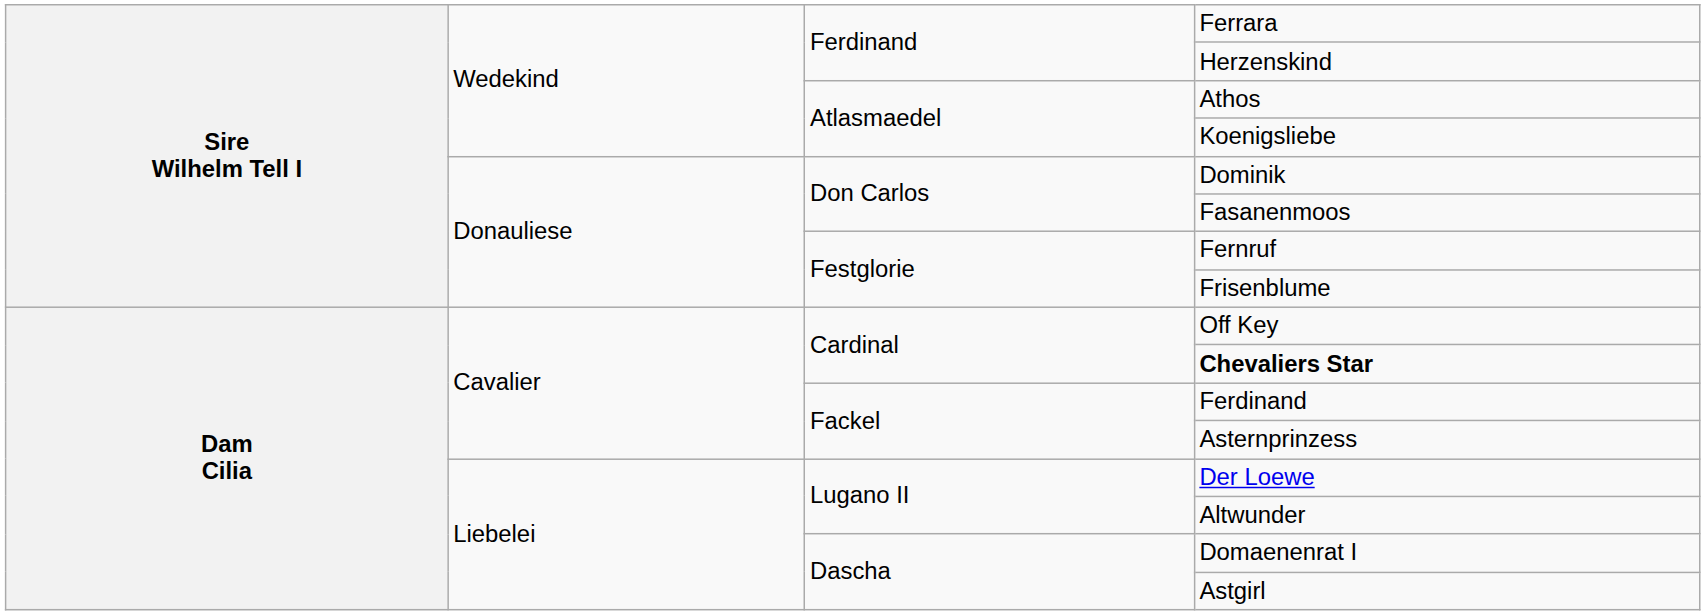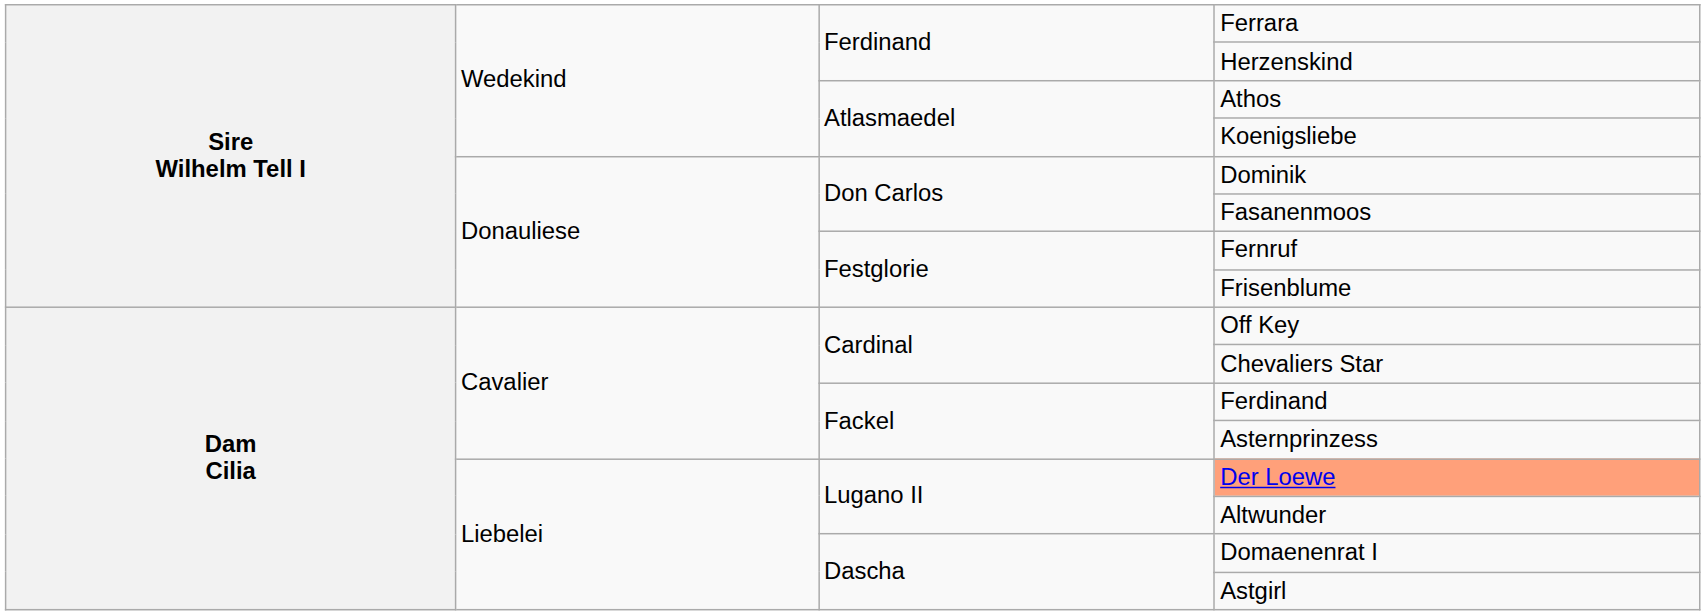 <table class="wikitable" style="clear:both; margin:0em auto; width:90%;">
 <tr>
 <th rowspan="8">Sire<br>Wilhelm Tell I</th>
 <td rowspan="4">Wedekind</td>
 <td rowspan="2">Ferdinand</td>
 <td>Ferrara</td>
 </tr>
 <tr>
 <td>Herzenskind</td>
 </tr>
 <tr>
 <td rowspan="2">Atlasmaedel</td>
 <td>Athos</td>
 </tr>
 <tr>
 <td>Koenigsliebe</td>
 </tr>
 <tr>
 <td rowspan="4">Donauliese</td>
 <td rowspan="2">Don Carlos</td>
 <td>Dominik</td>
 </tr>
 <tr>
 <td>Fasanenmoos</td>
 </tr>
 <tr>
 <td rowspan="2">Festglorie</td>
 <td>Fernruf</td>
 </tr>
 <tr>
 <td>Frisenblume</td>
 </tr>
 <tr>
 <th rowspan="8">Dam<br>Cilia</th>
 <td rowspan="4">Cavalier</td>
 <td rowspan="2">Cardinal</td>
 <td>Off Key</td>
 </tr>
 <tr>
-<td><strong>Chevaliers Star</strong></td>
+<td>Chevaliers Star</td>
 </tr>
 <tr>
 <td rowspan="2">Fackel</td>
 <td>Ferdinand</td>
 </tr>
 <tr>
 <td>Asternprinzess</td>
 </tr>
 <tr>
 <td rowspan="4">Liebelei</td>
 <td rowspan="2">Lugano II</td>
-<td><a href='#'>Der Loewe</a></td>
+<td style="background: lightsalmon;"><a href='#'>Der Loewe</a></td>
 </tr>
 <tr>
 <td>Altwunder</td>
 </tr>
 <tr>
 <td rowspan="2">Dascha</td>
 <td>Domaenenrat I</td>
 </tr>
 <tr>
 <td>Astgirl</td>
 </tr>
 </table>
